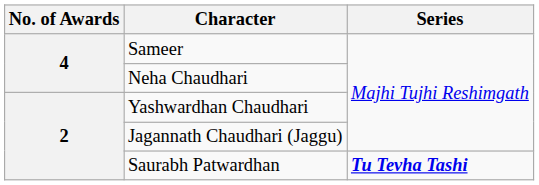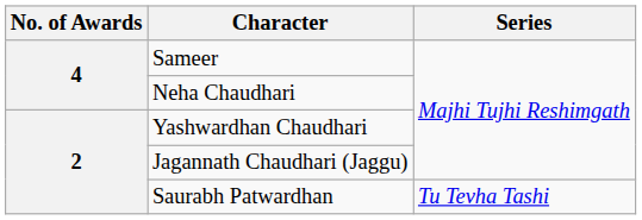 <table class="wikitable" style="display:inline-table;">
 <tr>
 <th>No. of Awards</th>
 <th>Character</th>
 <th>Series</th>
 </tr>
 <tr>
 <th rowspan="2">4</th>
 <td>Sameer</td>
 <td rowspan="4"><em><a href='#'>Majhi Tujhi Reshimgath</a></em></td>
 </tr>
 <tr>
 <td>Neha Chaudhari</td>
 </tr>
 <tr>
 <th rowspan="3">2</th>
 <td>Yashwardhan Chaudhari</td>
 </tr>
 <tr>
 <td>Jagannath Chaudhari (Jaggu)</td>
 </tr>
 <tr>
 <td>Saurabh Patwardhan</td>
-<td><strong><em><a href='#'>Tu Tevha Tashi</a></em></strong></td>
+<td><em><a href='#'>Tu Tevha Tashi</a></em></td>
 </tr>
 </table>
